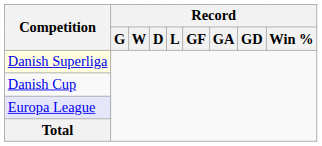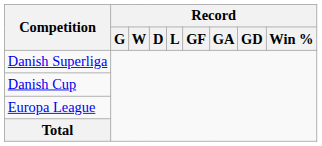 <table class="wikitable" style="text-align: center">
 <tr>
 <th rowspan="2">Competition</th>
 <th colspan="9">Record</th>
 </tr>
 <tr>
 <th>G</th>
 <th>W</th>
 <th>D</th>
 <th>L</th>
 <th>GF</th>
 <th>GA</th>
 <th>GD</th>
 <th>Win %</th>
 </tr>
 <tr>
-<td style="background: lightyellow; text-align: left"><a href='#'>Danish Superliga</a><br></td>
+<td style="text-align: left"><a href='#'>Danish Superliga</a><br></td>
 </tr>
 <tr>
 <td style="text-align: left"><a href='#'>Danish Cup</a><br></td>
 </tr>
 <tr>
-<td style="background: lavender; text-align: left"><a href='#'>Europa League</a><br></td>
+<td style="text-align: left"><a href='#'>Europa League</a><br></td>
 </tr>
 <tr>
 <th>Total<br></th>
 </tr>
 </table>
